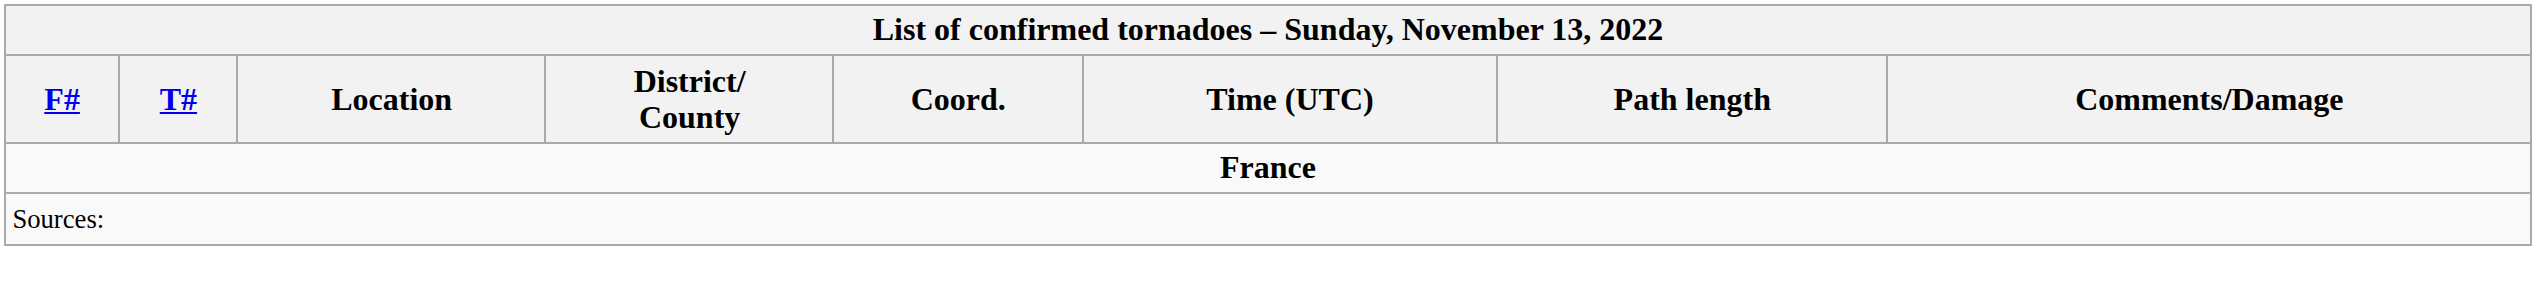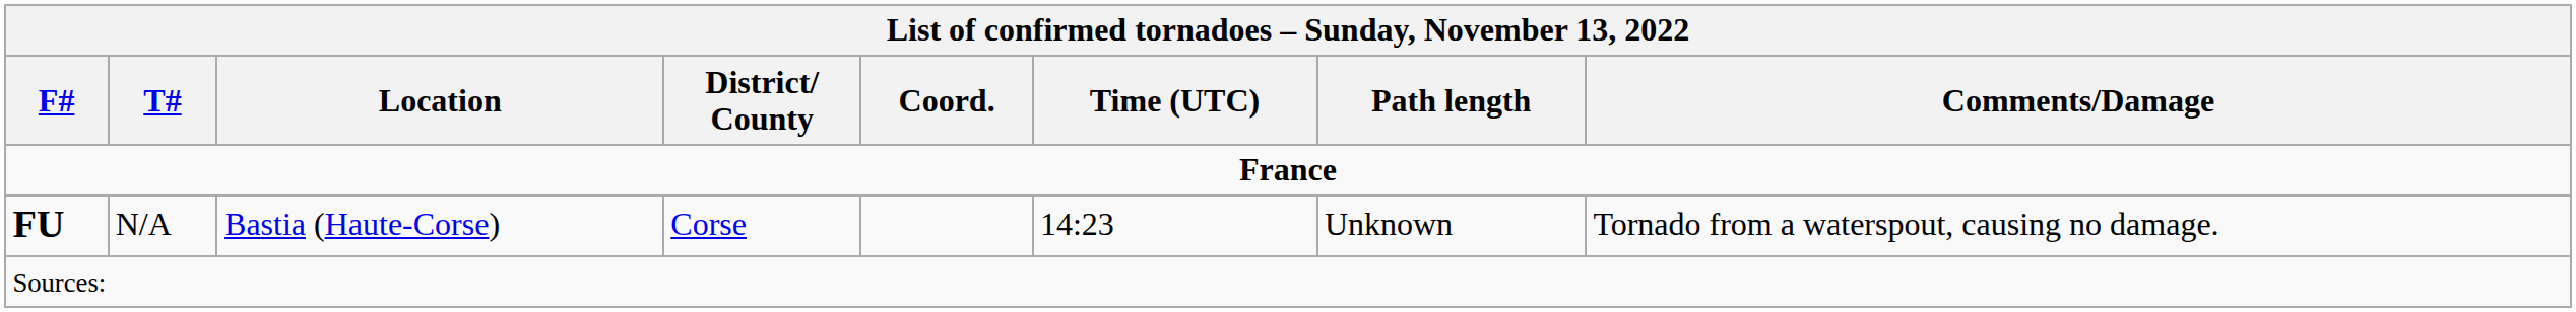 <table class="wikitable collapsible" width="100%">
 <tr>
 <th colspan="8">List of confirmed tornadoes – Sunday, November 13, 2022</th>
 </tr>
 <tr>
 <th><a href='#'>F#</a></th>
 <th><a href='#'>T#</a></th>
 <th>Location</th>
 <th>District/<br>County</th>
 <th>Coord.</th>
 <th>Time (UTC)</th>
 <th>Path length</th>
 <th>Comments/Damage</th>
 </tr>
 <tr>
 <td colspan="8" align=center><strong>France</strong></td>
 </tr>
 <tr>
+<td><big><strong>FU</strong></big></td>
+<td>N/A</td>
+<td><a href='#'>Bastia</a> (<a href='#'>Haute-Corse</a>)</td>
+<td><a href='#'>Corse</a></td>
+<td></td>
+<td>14:23</td>
+<td>Unknown</td>
+<td>Tornado from a waterspout, causing no damage.</td>
+</tr>
+<tr>
 <td colspan="8"><small>Sources:  </small></td>
 </tr>
 </table>
